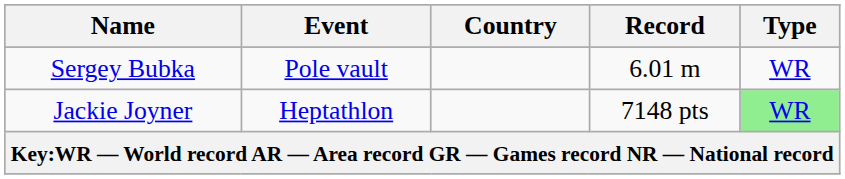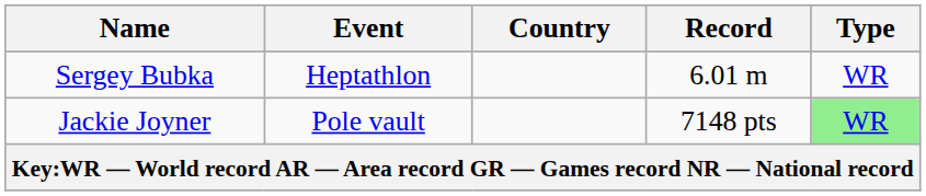 <table class="wikitable" style="text-align: center; font-size:95%">
 <tr>
 <th>Name</th>
 <th>Event</th>
 <th>Country</th>
 <th>Record</th>
 <th>Type</th>
 </tr>
 <tr>
 <td><a href='#'>Sergey Bubka</a></td>
-<td><a href='#'>Pole vault</a></td>
+<td><a href='#'>Heptathlon</a></td>
 <td></td>
 <td>6.01 m</td>
 <td><a href='#'>WR</a></td>
 </tr>
 <tr>
 <td><a href='#'>Jackie Joyner</a></td>
-<td><a href='#'>Heptathlon</a></td>
+<td><a href='#'>Pole vault</a></td>
 <td></td>
 <td>7148 pts</td>
 <td style="background: lightgreen;"><a href='#'>WR</a></td>
 </tr>
 <tr>
 <th colspan=5><small>Key:WR — World record  AR — Area record  GR — Games record  NR — National record</small></th>
 </tr>
 </table>
